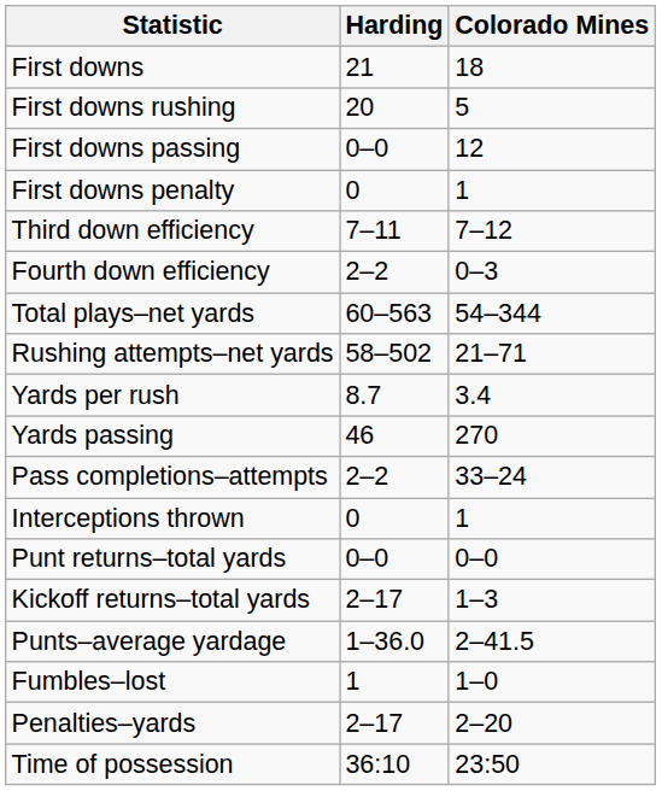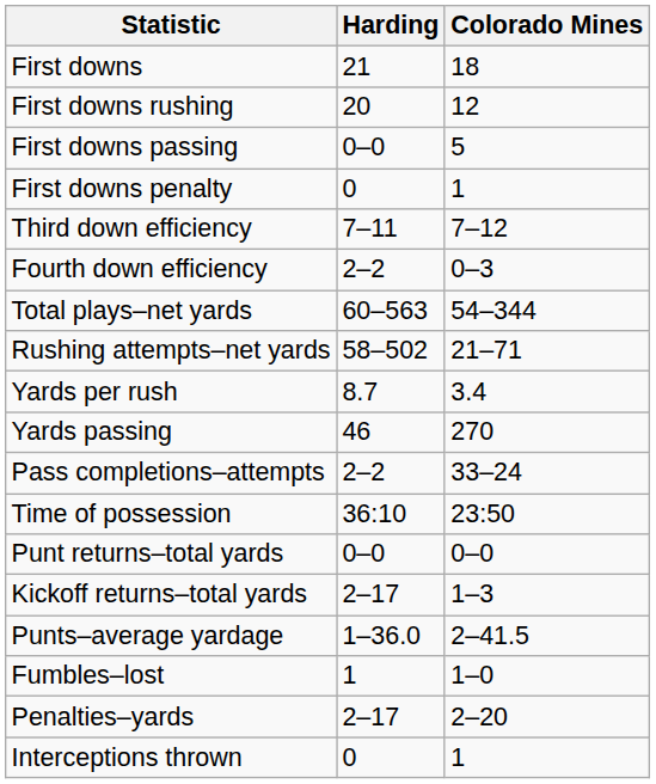 <table class="wikitable">
 <tr>
 <th>Statistic</th>
 <th><strong>Harding</strong></th>
 <th><strong>Colorado Mines</strong></th>
 </tr>
 <tr>
 <td>First downs</td>
 <td>21</td>
 <td>18</td>
 </tr>
 <tr>
 <td>First downs rushing</td>
 <td>20</td>
-<td>5</td>
+<td>12</td>
 </tr>
 <tr>
 <td>First downs passing</td>
 <td>0–0</td>
-<td>12</td>
+<td>5</td>
 </tr>
 <tr>
 <td>First downs penalty</td>
 <td>0</td>
 <td>1</td>
 </tr>
 <tr>
 <td>Third down efficiency</td>
 <td>7–11</td>
 <td>7–12</td>
 </tr>
 <tr>
 <td>Fourth down efficiency</td>
 <td>2–2</td>
 <td>0–3</td>
 </tr>
 <tr>
 <td>Total plays–net yards</td>
 <td>60–563</td>
 <td>54–344</td>
 </tr>
 <tr>
 <td>Rushing attempts–net yards</td>
 <td>58–502</td>
 <td>21–71</td>
 </tr>
 <tr>
 <td>Yards per rush</td>
 <td>8.7</td>
 <td>3.4</td>
 </tr>
 <tr>
 <td>Yards passing</td>
 <td>46</td>
 <td>270</td>
 </tr>
 <tr>
 <td>Pass completions–attempts</td>
 <td>2–2</td>
 <td>33–24</td>
 </tr>
 <tr>
-<td>Interceptions thrown</td>
-<td>0</td>
-<td>1</td>
+<td>Time of possession</td>
+<td>36:10</td>
+<td>23:50</td>
 </tr>
 <tr>
 <td>Punt returns–total yards</td>
 <td>0–0</td>
 <td>0–0</td>
 </tr>
 <tr>
 <td>Kickoff returns–total yards</td>
 <td>2–17</td>
 <td>1–3</td>
 </tr>
 <tr>
 <td>Punts–average yardage</td>
 <td>1–36.0</td>
 <td>2–41.5</td>
 </tr>
 <tr>
 <td>Fumbles–lost</td>
 <td>1</td>
 <td>1–0</td>
 </tr>
 <tr>
 <td>Penalties–yards</td>
 <td>2–17</td>
 <td>2–20</td>
 </tr>
 <tr>
-<td>Time of possession</td>
-<td>36:10</td>
-<td>23:50</td>
+<td>Interceptions thrown</td>
+<td>0</td>
+<td>1</td>
 </tr>
 </table>
